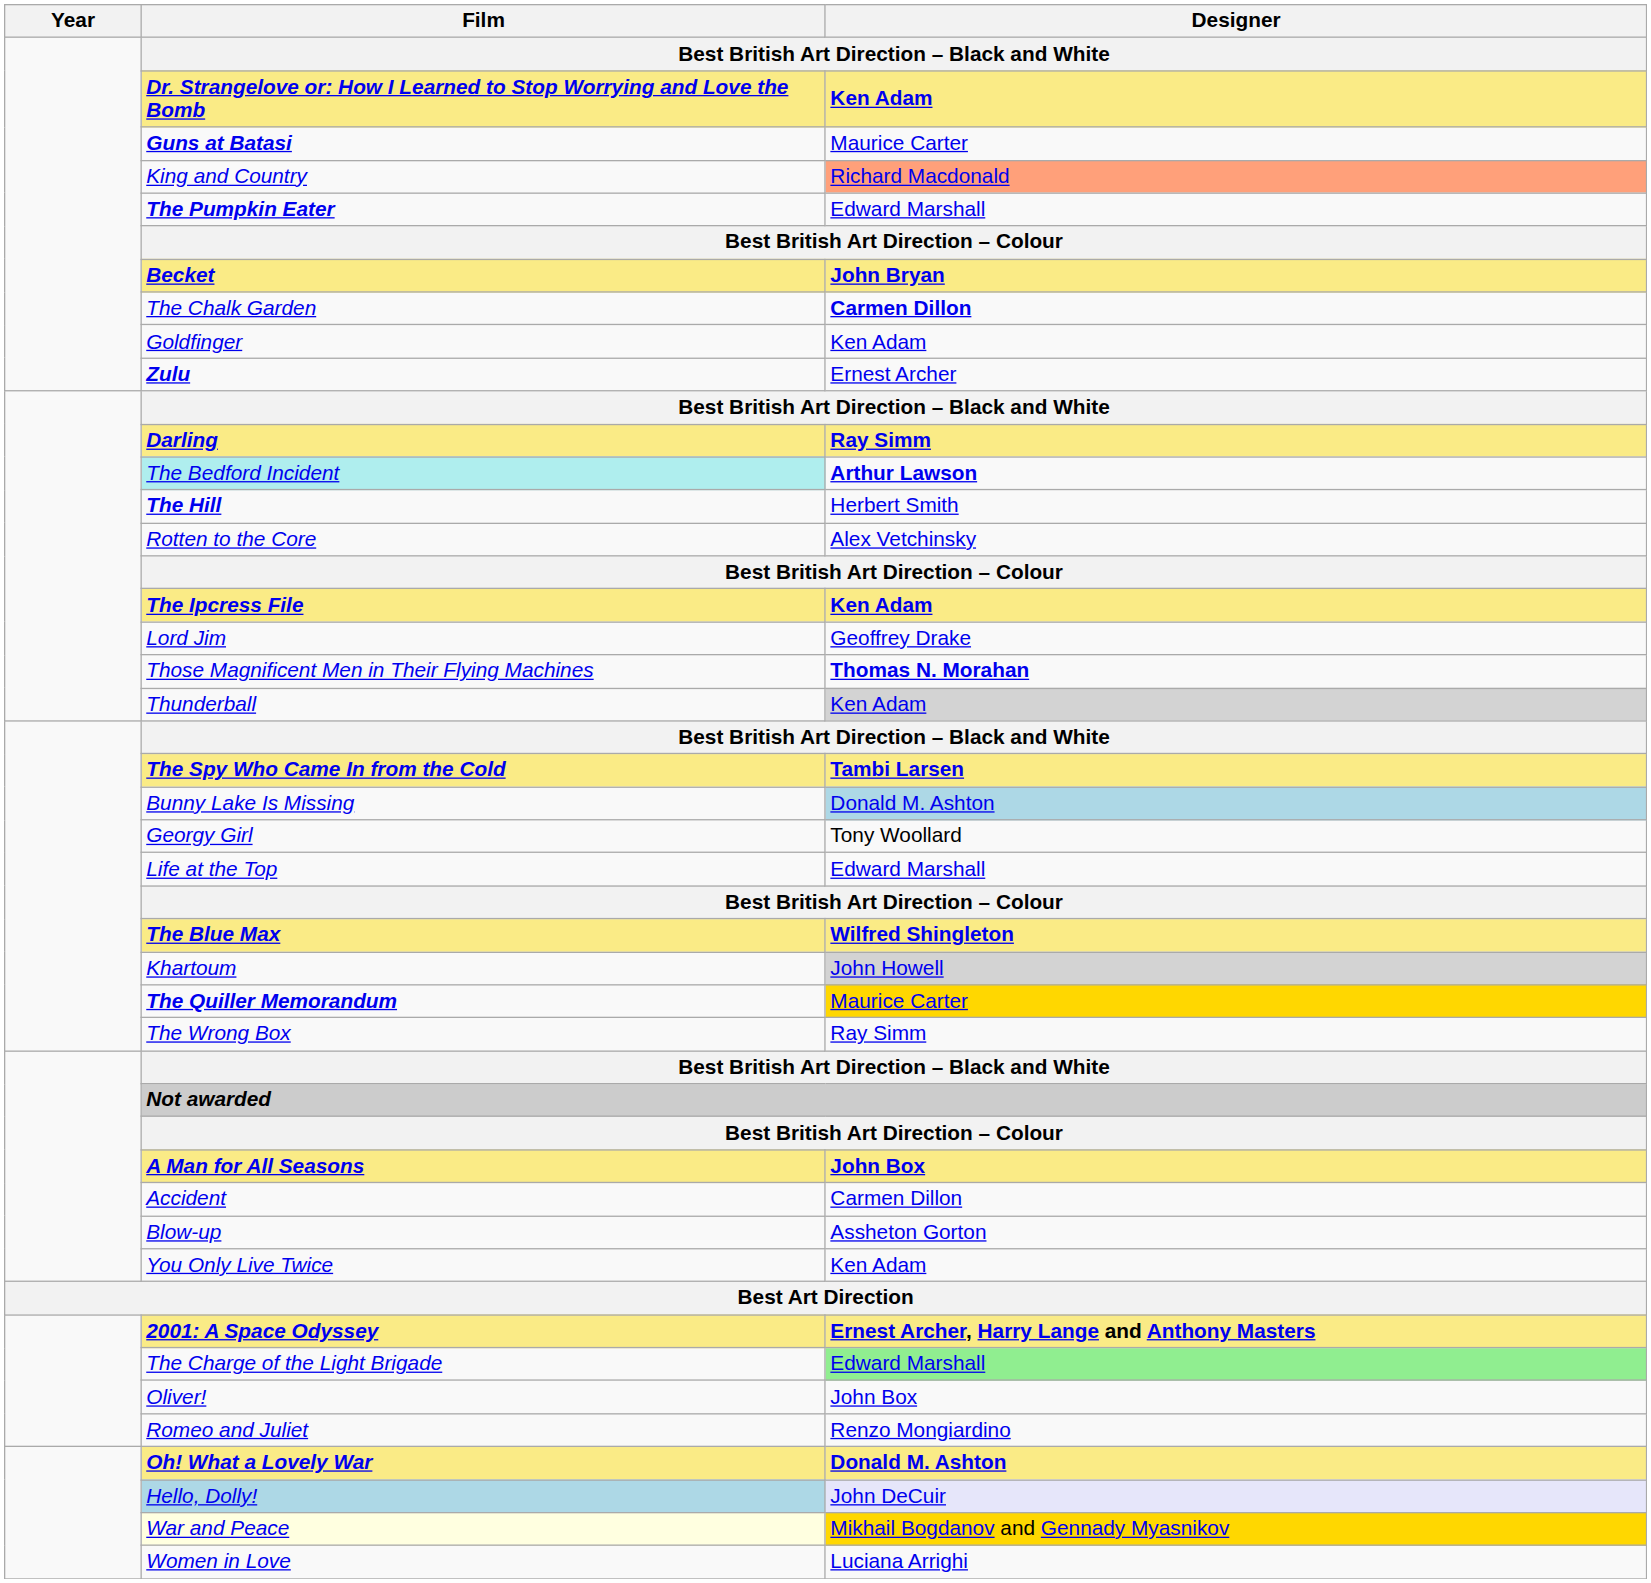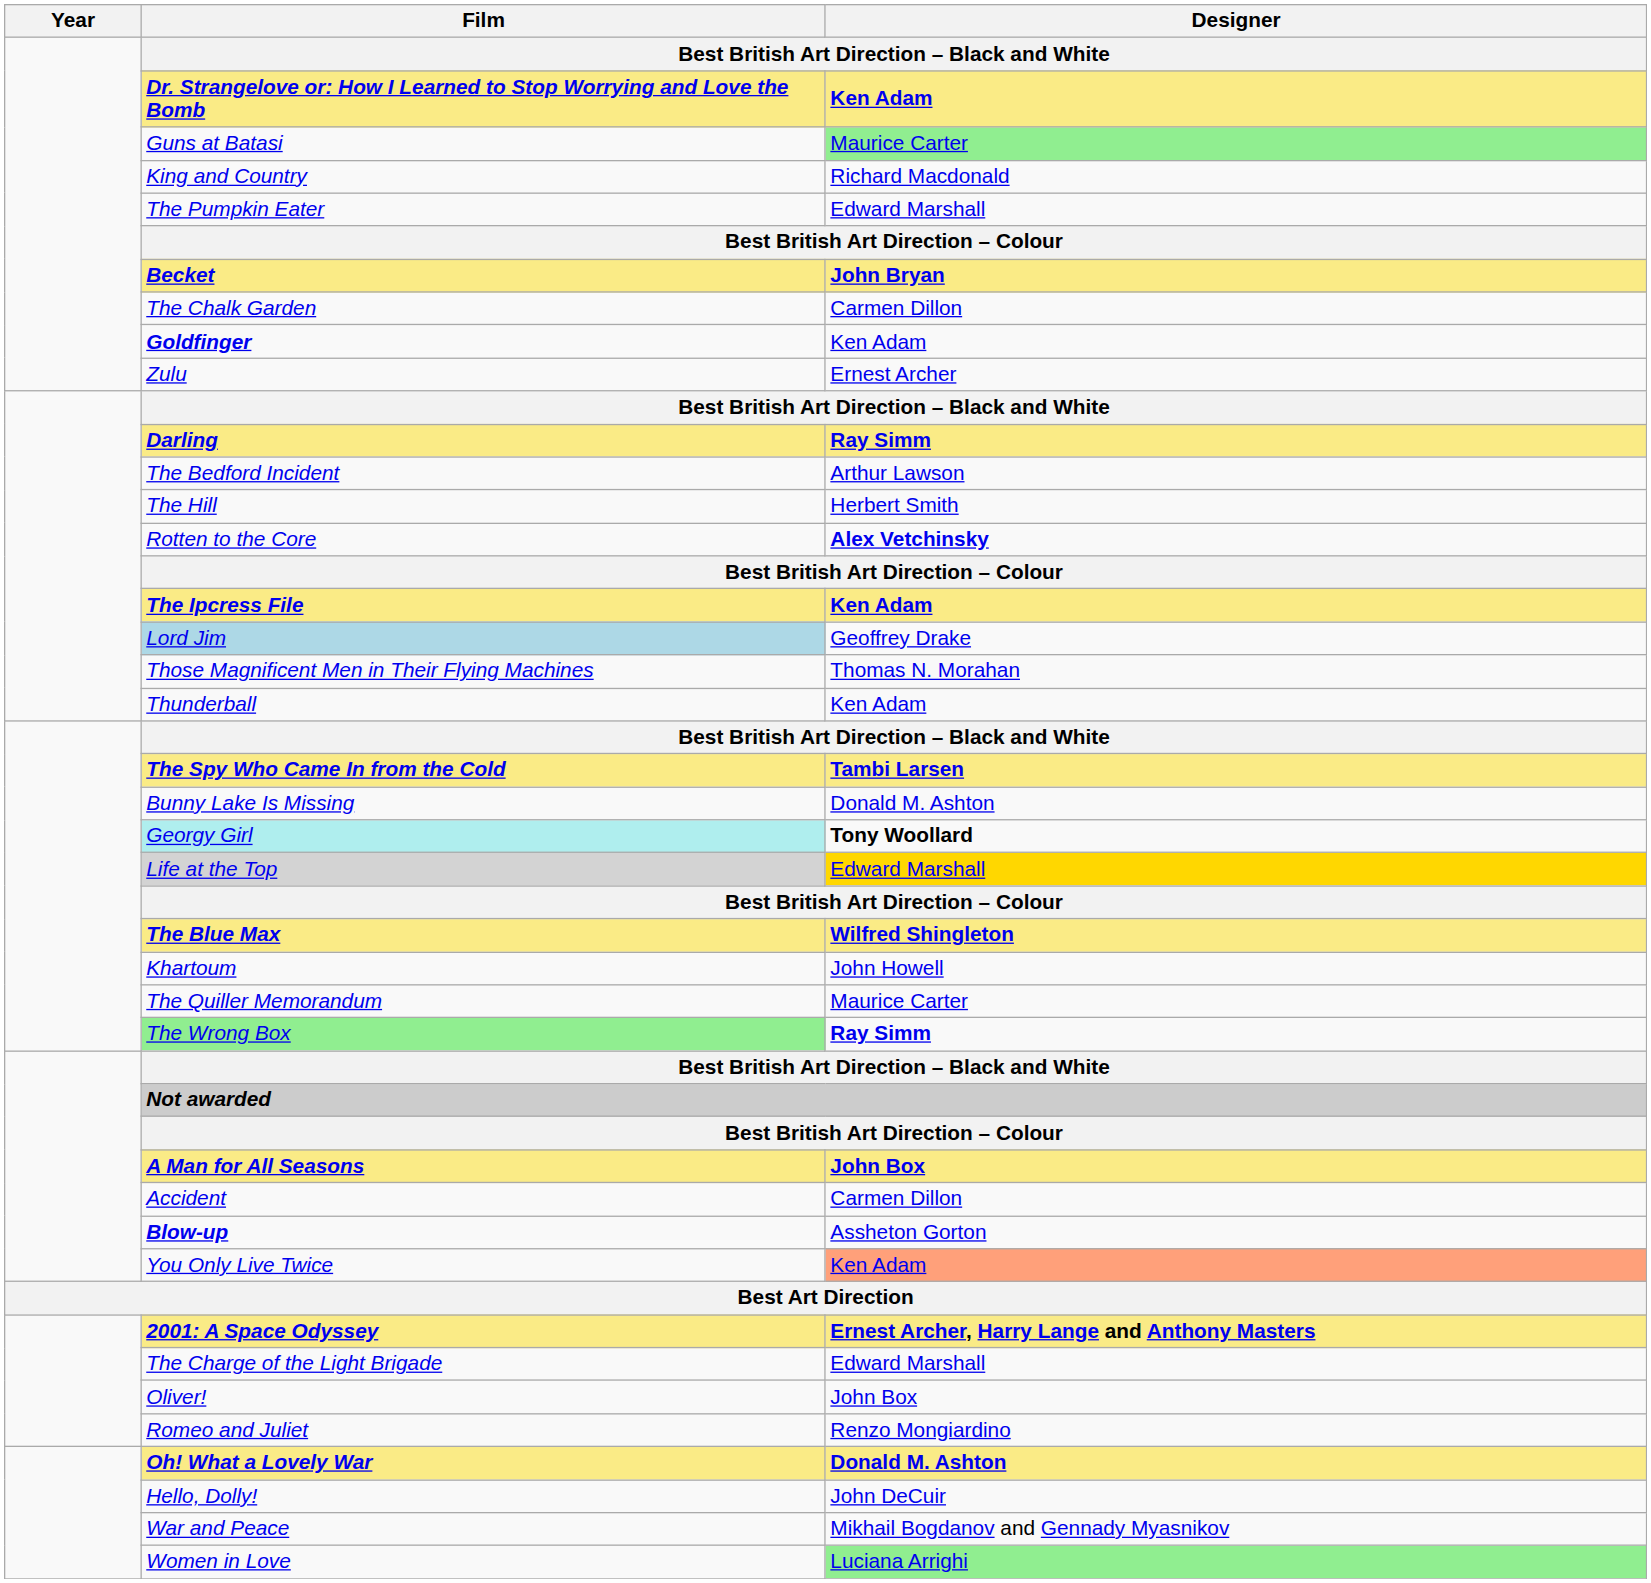 <table class="wikitable" style="width:100%;" cellpadding="5">
 <tr>
 <th style="width:5%;">Year</th>
 <th style="width:25%;">Film</th>
 <th style="width:30%;">Designer</th>
 </tr>
 <tr>
 <td rowspan="10"></td>
 <th colspan="2">Best British Art Direction – Black and White</th>
 </tr>
 <tr>
 <td style="background:#FAEB86"><strong><em><a href='#'>Dr. Strangelove or: How I Learned to Stop Worrying and Love the Bomb</a></em></strong></td>
 <td style="background:#FAEB86"><strong><a href='#'>Ken Adam</a></strong></td>
 </tr>
 <tr>
-<td><strong><em><a href='#'>Guns at Batasi</a></em></strong></td>
-<td><a href='#'>Maurice Carter</a></td>
+<td><em><a href='#'>Guns at Batasi</a></em></td>
+<td style="background: lightgreen;"><a href='#'>Maurice Carter</a></td>
 </tr>
 <tr>
 <td><em><a href='#'>King and Country</a></em></td>
-<td style="background: lightsalmon;"><a href='#'>Richard Macdonald</a></td>
+<td><a href='#'>Richard Macdonald</a></td>
 </tr>
 <tr>
-<td><strong><em><a href='#'>The Pumpkin Eater</a></em></strong></td>
+<td><em><a href='#'>The Pumpkin Eater</a></em></td>
 <td><a href='#'>Edward Marshall</a></td>
 </tr>
 <tr>
 <th colspan="2">Best British Art Direction – Colour</th>
 </tr>
 <tr>
 <td style="background:#FAEB86"><strong><em><a href='#'>Becket</a></em></strong></td>
 <td style="background:#FAEB86"><strong><a href='#'>John Bryan</a></strong></td>
 </tr>
 <tr>
 <td><em><a href='#'>The Chalk Garden</a></em></td>
-<td><strong><a href='#'>Carmen Dillon</a></strong></td>
+<td><a href='#'>Carmen Dillon</a></td>
 </tr>
 <tr>
-<td><em><a href='#'>Goldfinger</a></em></td>
+<td><strong><em><a href='#'>Goldfinger</a></em></strong></td>
 <td><a href='#'>Ken Adam</a></td>
 </tr>
 <tr>
-<td><strong><em><a href='#'>Zulu</a></em></strong></td>
+<td><em><a href='#'>Zulu</a></em></td>
 <td><a href='#'>Ernest Archer</a></td>
 </tr>
 <tr>
 <td rowspan="10"></td>
 <th colspan="2">Best British Art Direction – Black and White</th>
 </tr>
 <tr>
 <td style="background:#FAEB86"><strong><em><a href='#'>Darling</a></em></strong></td>
 <td style="background:#FAEB86"><strong><a href='#'>Ray Simm</a></strong></td>
 </tr>
 <tr>
-<td style="background: paleturquoise;"><em><a href='#'>The Bedford Incident</a></em></td>
-<td><strong><a href='#'>Arthur Lawson</a></strong></td>
+<td><em><a href='#'>The Bedford Incident</a></em></td>
+<td><a href='#'>Arthur Lawson</a></td>
 </tr>
 <tr>
-<td><strong><em><a href='#'>The Hill</a></em></strong></td>
+<td><em><a href='#'>The Hill</a></em></td>
 <td><a href='#'>Herbert Smith</a></td>
 </tr>
 <tr>
 <td><em><a href='#'>Rotten to the Core</a></em></td>
-<td><a href='#'>Alex Vetchinsky</a></td>
+<td><strong><a href='#'>Alex Vetchinsky</a></strong></td>
 </tr>
 <tr>
 <th colspan="2">Best British Art Direction – Colour</th>
 </tr>
 <tr>
 <td style="background:#FAEB86"><strong><em><a href='#'>The Ipcress File</a></em></strong></td>
 <td style="background:#FAEB86"><strong><a href='#'>Ken Adam</a></strong></td>
 </tr>
 <tr>
-<td><em><a href='#'>Lord Jim</a></em></td>
+<td style="background: lightblue;"><em><a href='#'>Lord Jim</a></em></td>
 <td><a href='#'>Geoffrey Drake</a></td>
 </tr>
 <tr>
 <td><em><a href='#'>Those Magnificent Men in Their Flying Machines</a></em></td>
-<td><strong><a href='#'>Thomas N. Morahan</a></strong></td>
+<td><a href='#'>Thomas N. Morahan</a></td>
 </tr>
 <tr>
 <td><em><a href='#'>Thunderball</a></em></td>
-<td style="background: lightgrey;"><a href='#'>Ken Adam</a></td>
+<td><a href='#'>Ken Adam</a></td>
 </tr>
 <tr>
 <td rowspan="10"></td>
 <th colspan="2">Best British Art Direction – Black and White</th>
 </tr>
 <tr>
 <td style="background:#FAEB86"><strong><em><a href='#'>The Spy Who Came In from the Cold</a></em></strong></td>
 <td style="background:#FAEB86"><strong><a href='#'>Tambi Larsen</a></strong></td>
 </tr>
 <tr>
 <td><em><a href='#'>Bunny Lake Is Missing</a></em></td>
-<td style="background: lightblue;"><a href='#'>Donald M. Ashton</a></td>
+<td><a href='#'>Donald M. Ashton</a></td>
 </tr>
 <tr>
-<td><em><a href='#'>Georgy Girl</a></em></td>
-<td>Tony Woollard</td>
+<td style="background: paleturquoise;"><em><a href='#'>Georgy Girl</a></em></td>
+<td><strong>Tony Woollard</strong></td>
 </tr>
 <tr>
-<td><em><a href='#'>Life at the Top</a></em></td>
-<td><a href='#'>Edward Marshall</a></td>
+<td style="background: lightgrey;"><em><a href='#'>Life at the Top</a></em></td>
+<td style="background: gold;"><a href='#'>Edward Marshall</a></td>
 </tr>
 <tr>
 <th colspan="2">Best British Art Direction – Colour</th>
 </tr>
 <tr>
 <td style="background:#FAEB86"><strong><em><a href='#'>The Blue Max</a></em></strong></td>
 <td style="background:#FAEB86"><strong><a href='#'>Wilfred Shingleton</a></strong></td>
 </tr>
 <tr>
 <td><em><a href='#'>Khartoum</a></em></td>
-<td style="background: lightgrey;"><a href='#'>John Howell</a></td>
+<td><a href='#'>John Howell</a></td>
 </tr>
 <tr>
-<td><strong><em><a href='#'>The Quiller Memorandum</a></em></strong></td>
-<td style="background: gold;"><a href='#'>Maurice Carter</a></td>
+<td><em><a href='#'>The Quiller Memorandum</a></em></td>
+<td><a href='#'>Maurice Carter</a></td>
 </tr>
 <tr>
-<td><em><a href='#'>The Wrong Box</a></em></td>
-<td><a href='#'>Ray Simm</a></td>
+<td style="background: lightgreen;"><em><a href='#'>The Wrong Box</a></em></td>
+<td><strong><a href='#'>Ray Simm</a></strong></td>
 </tr>
 <tr>
 <td rowspan="7"></td>
 <th colspan="2">Best British Art Direction – Black and White</th>
 </tr>
 <tr>
 <td colspan="2" style="background:#ccc;"><strong><em>Not awarded</em></strong></td>
 </tr>
 <tr>
 <th colspan="2">Best British Art Direction – Colour</th>
 </tr>
 <tr>
 <td style="background:#FAEB86"><strong><em><a href='#'>A Man for All Seasons</a></em></strong></td>
 <td style="background:#FAEB86"><strong><a href='#'>John Box</a></strong></td>
 </tr>
 <tr>
 <td><em><a href='#'>Accident</a></em></td>
 <td><a href='#'>Carmen Dillon</a></td>
 </tr>
 <tr>
-<td><em><a href='#'>Blow-up</a></em></td>
+<td><strong><em><a href='#'>Blow-up</a></em></strong></td>
 <td><a href='#'>Assheton Gorton</a></td>
 </tr>
 <tr>
 <td><em><a href='#'>You Only Live Twice</a></em></td>
-<td><a href='#'>Ken Adam</a></td>
+<td style="background: lightsalmon;"><a href='#'>Ken Adam</a></td>
 </tr>
 <tr>
 <th colspan="3">Best Art Direction</th>
 </tr>
 <tr>
 <td rowspan="4"></td>
 <td style="background:#FAEB86"><strong><em><a href='#'>2001: A Space Odyssey</a></em></strong></td>
 <td style="background:#FAEB86"><strong><a href='#'>Ernest Archer</a>, <a href='#'>Harry Lange</a> and <a href='#'>Anthony Masters</a></strong></td>
 </tr>
 <tr>
 <td><em><a href='#'>The Charge of the Light Brigade</a></em></td>
-<td style="background: lightgreen;"><a href='#'>Edward Marshall</a></td>
+<td><a href='#'>Edward Marshall</a></td>
 </tr>
 <tr>
 <td><em><a href='#'>Oliver!</a></em></td>
 <td><a href='#'>John Box</a></td>
 </tr>
 <tr>
 <td><em><a href='#'>Romeo and Juliet</a></em></td>
 <td><a href='#'>Renzo Mongiardino</a></td>
 </tr>
 <tr>
 <td rowspan="4"></td>
 <td style="background:#FAEB86"><strong><em><a href='#'>Oh! What a Lovely War</a></em></strong></td>
 <td style="background:#FAEB86"><strong><a href='#'>Donald M. Ashton</a></strong></td>
 </tr>
 <tr>
-<td style="background: lightblue;"><em><a href='#'>Hello, Dolly!</a></em></td>
-<td style="background: lavender;"><a href='#'>John DeCuir</a></td>
+<td><em><a href='#'>Hello, Dolly!</a></em></td>
+<td><a href='#'>John DeCuir</a></td>
 </tr>
 <tr>
-<td style="background: lightyellow;"><em><a href='#'>War and Peace</a></em></td>
-<td style="background: gold;"><a href='#'>Mikhail Bogdanov</a> and <a href='#'>Gennady Myasnikov</a></td>
+<td><em><a href='#'>War and Peace</a></em></td>
+<td><a href='#'>Mikhail Bogdanov</a> and <a href='#'>Gennady Myasnikov</a></td>
 </tr>
 <tr>
 <td><em><a href='#'>Women in Love</a></em></td>
-<td><a href='#'>Luciana Arrighi</a></td>
+<td style="background: lightgreen;"><a href='#'>Luciana Arrighi</a></td>
 </tr>
 </table>
